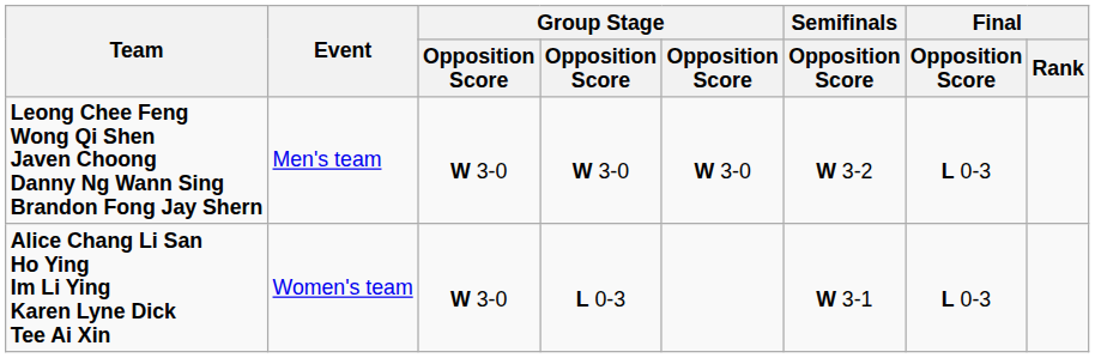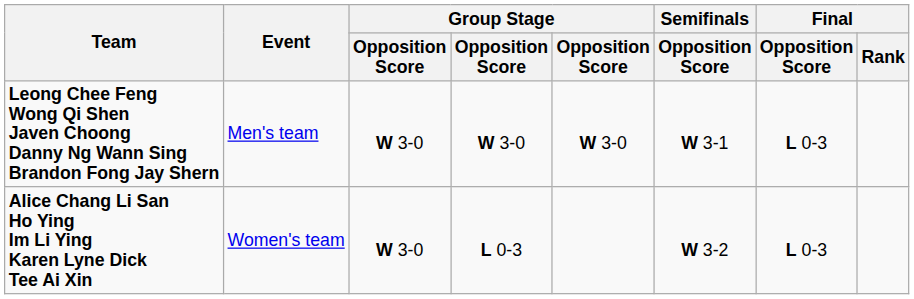 <table class="wikitable" style="font-size: 90%">
 <tr>
 <th rowspan="2">Team</th>
 <th rowspan="2">Event</th>
 <th colspan="3">Group Stage</th>
 <th colspan="1">Semifinals</th>
 <th colspan="2">Final</th>
 </tr>
 <tr>
 <th>Opposition<br>Score</th>
 <th>Opposition<br>Score</th>
 <th>Opposition<br>Score</th>
 <th>Opposition<br>Score</th>
 <th>Opposition<br>Score</th>
 <th>Rank</th>
 </tr>
 <tr align="center">
 <td align="left"><strong>Leong Chee Feng<br>Wong Qi Shen<br>Javen Choong<br>Danny Ng Wann Sing<br>Brandon Fong Jay Shern</strong></td>
 <td align="left"><a href='#'>Men's team</a></td>
 <td align="center"><br> <strong>W</strong> 3-0</td>
 <td align="center"><br> <strong>W</strong> 3-0</td>
 <td align="center"><br> <strong>W</strong> 3-0</td>
-<td align="center"><br> <strong>W</strong> 3-2</td>
+<td align="center"><br> <strong>W</strong> 3-1</td>
 <td align="center"><br> <strong>L</strong> 0-3</td>
 <td align="center"></td>
 </tr>
 <tr>
 <td align="left"><strong>Alice Chang Li San<br>Ho Ying<br>Im Li Ying<br>Karen Lyne Dick<br>Tee Ai Xin</strong></td>
 <td align="left"><a href='#'>Women's team</a></td>
 <td align="center"><br> <strong>W</strong> 3-0</td>
 <td align="center"><br> <strong>L</strong> 0-3</td>
 <td></td>
-<td align="center"><br> <strong>W</strong> 3-1</td>
+<td align="center"><br> <strong>W</strong> 3-2</td>
 <td align="center"><br> <strong>L</strong> 0-3</td>
 <td align="center"></td>
 </tr>
 </table>
